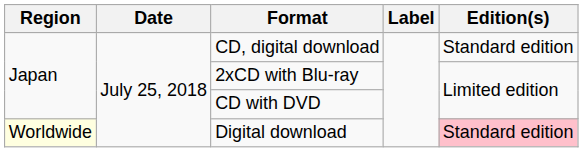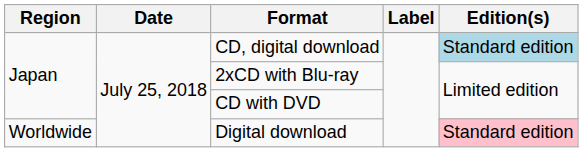 <table class="wikitable plainrowheaders">
 <tr>
 <th scope="col">Region</th>
 <th scope="col">Date</th>
 <th scope="col">Format</th>
 <th scope="col">Label</th>
 <th scope="col">Edition(s)</th>
 </tr>
 <tr>
 <td scope="row" rowspan="3">Japan</td>
 <td rowspan="4">July 25, 2018</td>
 <td>CD, digital download</td>
 <td rowspan="4"></td>
-<td>Standard edition</td>
+<td style="background: lightblue;">Standard edition</td>
 </tr>
 <tr>
 <td>2xCD with Blu-ray</td>
 <td rowspan="2">Limited edition</td>
 </tr>
 <tr>
 <td>CD with DVD</td>
 </tr>
 <tr>
-<td scope="row" style="background: lightyellow;">Worldwide</td>
+<td scope="row">Worldwide</td>
 <td>Digital download</td>
 <td style="background: pink;">Standard edition</td>
 </tr>
 </table>
